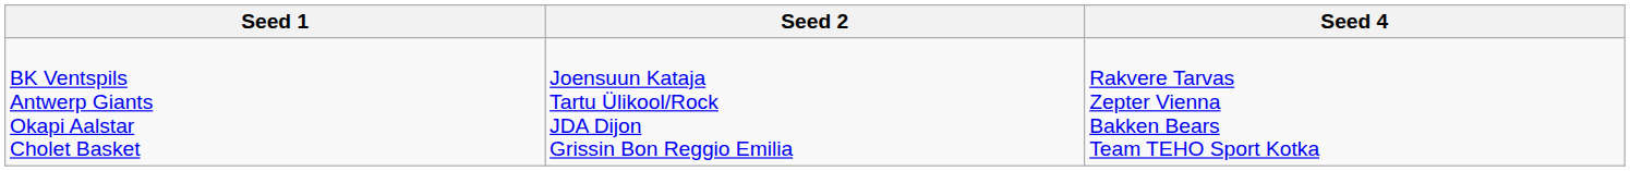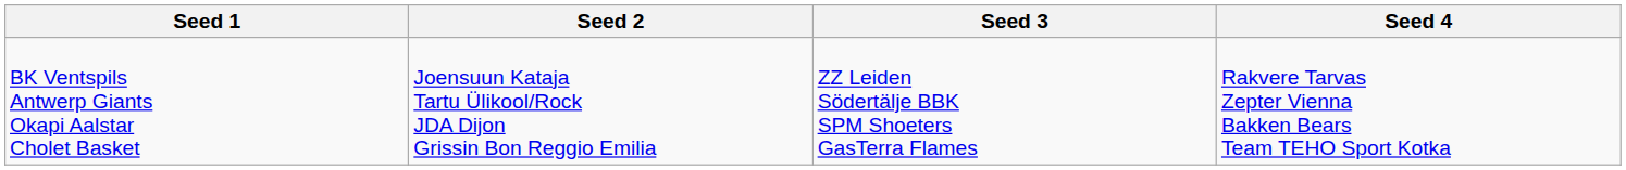 <table class="wikitable" style="width:98%;">
 <tr>
 <th width=16%><strong>Seed 1</strong></th>
 <th width=16%><strong>Seed 2</strong></th>
+<th width=16%><strong>Seed 3</strong></th>
 <th width=16%><strong>Seed 4</strong></th>
 </tr>
 <tr>
 <td><br> <a href='#'>BK Ventspils</a> <br>  <a href='#'>Antwerp Giants</a><br>  <a href='#'>Okapi Aalstar</a><br>  <a href='#'>Cholet Basket</a><br></td>
 <td><br> <a href='#'>Joensuun Kataja</a><br>  <a href='#'>Tartu Ülikool/Rock</a><br>  <a href='#'>JDA Dijon</a><br>  <a href='#'>Grissin Bon Reggio Emilia</a><br></td>
+<td><br> <a href='#'>ZZ Leiden</a><br>  <a href='#'>Södertälje BBK</a><br>  <a href='#'>SPM Shoeters</a><br>  <a href='#'>GasTerra Flames</a><br></td>
 <td><br> <a href='#'>Rakvere Tarvas</a><br>  <a href='#'>Zepter Vienna</a><br>  <a href='#'>Bakken Bears</a><br>  <a href='#'>Team TEHO Sport Kotka</a><br></td>
 </tr>
 </table>
